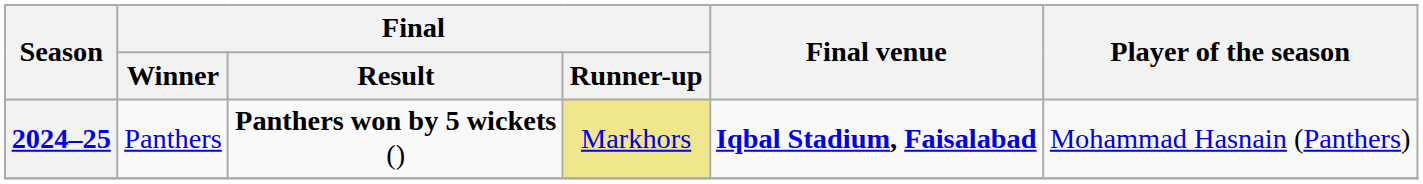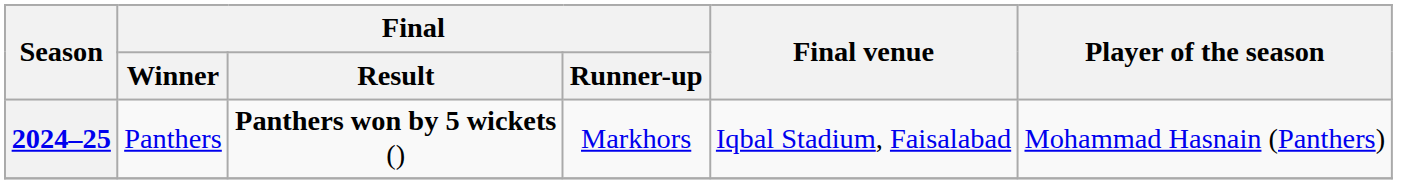 <table class="wikitable sortable" style="font-size:90%; text-align: center;">
 <tr>
 <th rowspan="2">Season</th>
 <th colspan="3">Final</th>
 <th rowspan="2">Final venue</th>
 <th rowspan="2">Player of the season</th>
 </tr>
 <tr>
 <th>Winner</th>
 <th>Result</th>
 <th>Runner-up</th>
 </tr>
 <tr>
 <th><a href='#'>2024–25</a></th>
 <td><a href='#'>Panthers</a><br></td>
 <td><strong>Panthers won by 5 wickets</strong><br>()</td>
-<td style="background: khaki;"><a href='#'>Markhors</a><br></td>
-<td><strong><a href='#'>Iqbal Stadium</a>, <a href='#'>Faisalabad</a></strong></td>
+<td><a href='#'>Markhors</a><br></td>
+<td><a href='#'>Iqbal Stadium</a>, <a href='#'>Faisalabad</a></td>
 <td><a href='#'>Mohammad Hasnain</a> (<a href='#'>Panthers</a>)</td>
 </tr>
 <tr>
 </tr>
 </table>
